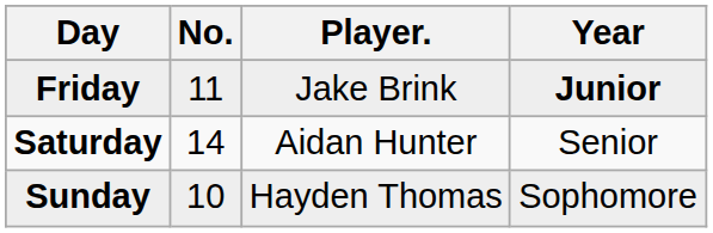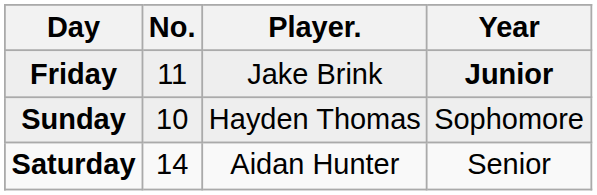 <table class="wikitable non-sortable">
 <tr>
 <th style="text-align:center; ">Day</th>
 <th style="text-align:center; ">No.</th>
 <th style="text-align:center; ">Player.</th>
 <th style="text-align:center; ">Year</th>
 </tr>
 <tr style="background:#eeeeee;text-align:center;">
 <td><strong>Friday</strong></td>
 <td>11</td>
 <td>Jake Brink</td>
 <td><strong>Junior</strong></td>
 </tr>
+<tr style="background:#eeeeee;text-align:center;">
+<td><strong>Sunday</strong></td>
+<td>10</td>
+<td>Hayden Thomas</td>
+<td>Sophomore</td>
+</tr>
 <tr style="text-align:center;">
 <td><strong>Saturday</strong></td>
 <td>14</td>
 <td>Aidan Hunter</td>
 <td>Senior</td>
 </tr>
-<tr style="background:#eeeeee;text-align:center;">
-<td><strong>Sunday</strong></td>
-<td>10</td>
-<td>Hayden Thomas</td>
-<td>Sophomore</td>
-</tr>
 </table>
